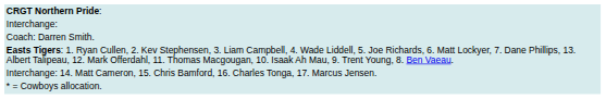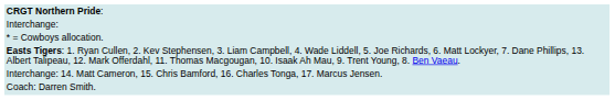 <table style="background:#d7ebed; font-size:85%; width:100%;">
 <tr>
 <td><strong>CRGT Northern Pride</strong>:             </td>
 </tr>
 <tr>
 <td>Interchange:    </td>
 </tr>
 <tr>
-<td>Coach: Darren Smith.</td>
+<td>* = Cowboys allocation.</td>
 </tr>
 <tr>
 <td><strong>Easts Tigers</strong>: 1. Ryan Cullen, 2. Kev Stephensen, 3. Liam Campbell, 4. Wade Liddell, 5. Joe Richards, 6. Matt Lockyer, 7. Dane Phillips, 13. Albert Talipeau, 12. Mark Offerdahl, 11. Thomas Macgougan, 10. Isaak Ah Mau, 9. Trent Young, 8. <a href='#'>Ben Vaeau</a>.</td>
 </tr>
 <tr>
 <td>Interchange: 14. Matt Cameron, 15. Chris Bamford, 16. Charles Tonga, 17. Marcus Jensen.</td>
 </tr>
 <tr>
-<td>* = Cowboys allocation.</td>
+<td>Coach: Darren Smith.</td>
 </tr>
 <tr>
 </tr>
 </table>
